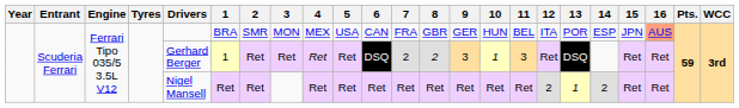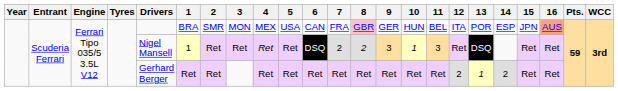 <table class="wikitable" style="text-align:center; font-size:95%">
 <tr>
 <th>Year</th>
 <th>Entrant</th>
 <th>Engine</th>
 <th>Tyres</th>
 <th>Drivers</th>
 <th>1</th>
 <th>2</th>
 <th>3</th>
 <th>4</th>
 <th>5</th>
 <th>6</th>
 <th>7</th>
 <th>8</th>
 <th>9</th>
 <th>10</th>
 <th>11</th>
 <th>12</th>
 <th>13</th>
 <th>14</th>
 <th>15</th>
 <th>16</th>
 <th>Pts.</th>
 <th>WCC</th>
 </tr>
 <tr>
 <td rowspan="3"></td>
 <td rowspan="3"><a href='#'>Scuderia Ferrari</a></td>
 <td rowspan="3"><a href='#'>Ferrari</a> Tipo 035/5<br>3.5L <a href='#'>V12</a></td>
 <td rowspan="3"></td>
 <td></td>
 <td><a href='#'>BRA</a></td>
 <td><a href='#'>SMR</a></td>
 <td><a href='#'>MON</a></td>
 <td><a href='#'>MEX</a></td>
 <td><a href='#'>USA</a></td>
 <td><a href='#'>CAN</a></td>
 <td><a href='#'>FRA</a></td>
-<td><a href='#'>GBR</a></td>
+<td style="background: pink;"><a href='#'>GBR</a></td>
 <td><a href='#'>GER</a></td>
 <td><a href='#'>HUN</a></td>
 <td><a href='#'>BEL</a></td>
 <td><a href='#'>ITA</a></td>
 <td><a href='#'>POR</a></td>
 <td><a href='#'>ESP</a></td>
 <td><a href='#'>JPN</a></td>
 <td style="background: lightsalmon;"><a href='#'>AUS</a></td>
 <td rowspan="3" style="background:#ffdf9f;"><strong>59</strong></td>
 <td rowspan="3" style="background:#ffdf9f;"><strong>3rd</strong></td>
 </tr>
 <tr>
-<td align="left"><a href='#'>Gerhard Berger</a></td>
+<td align="left"><a href='#'>Nigel Mansell</a></td>
 <td style="background:#ffffbf;">1</td>
 <td style="background:#efcfff;">Ret</td>
 <td style="background:#efcfff;">Ret</td>
 <td style="background:#efcfff;"><em>Ret</em></td>
 <td style="background:#efcfff;">Ret</td>
 <td style="background:#000; color:white;">DSQ</td>
 <td style="background:#dfdfdf;">2</td>
 <td style="background:#dfdfdf;"><em>2</em></td>
 <td style="background:#ffdf9f;">3</td>
 <td style="background:#ffffbf;"><em>1</em></td>
 <td style="background:#ffdf9f;">3</td>
 <td style="background:#efcfff;">Ret</td>
 <td style="background:#000; color:white;">DSQ</td>
 <td></td>
 <td style="background:#efcfff;">Ret</td>
 <td style="background:#efcfff;">Ret</td>
 </tr>
 <tr>
-<td align="left"><a href='#'>Nigel Mansell</a></td>
+<td align="left"><a href='#'>Gerhard Berger</a></td>
 <td style="background:#efcfff;">Ret</td>
 <td style="background:#efcfff;">Ret</td>
 <td></td>
 <td style="background:#efcfff;">Ret</td>
 <td style="background:#efcfff;">Ret</td>
 <td style="background:#efcfff;">Ret</td>
 <td style="background:#efcfff;">Ret</td>
 <td style="background:#efcfff;">Ret</td>
 <td style="background:#efcfff;">Ret</td>
 <td style="background:#efcfff;">Ret</td>
 <td style="background:#efcfff;">Ret</td>
 <td style="background:#dfdfdf;">2</td>
 <td style="background:#ffffbf;"><em>1</em></td>
 <td style="background:#dfdfdf;">2</td>
 <td style="background:#efcfff;">Ret</td>
 <td style="background:#efcfff;">Ret</td>
 </tr>
 </table>
